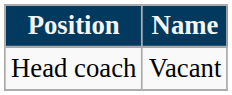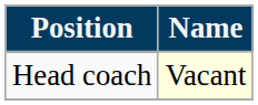 <table class="wikitable">
 <tr>
 <th style="background: #013A5E; color: #F4F5F8;">Position</th>
 <th style="background: #013A5E; color: #F4F5F8;">Name</th>
 </tr>
 <tr>
 <td>Head coach</td>
-<td> Vacant</td>
+<td style="background: lightyellow;"> Vacant</td>
 </tr>
 <tr>
 </tr>
 </table>
